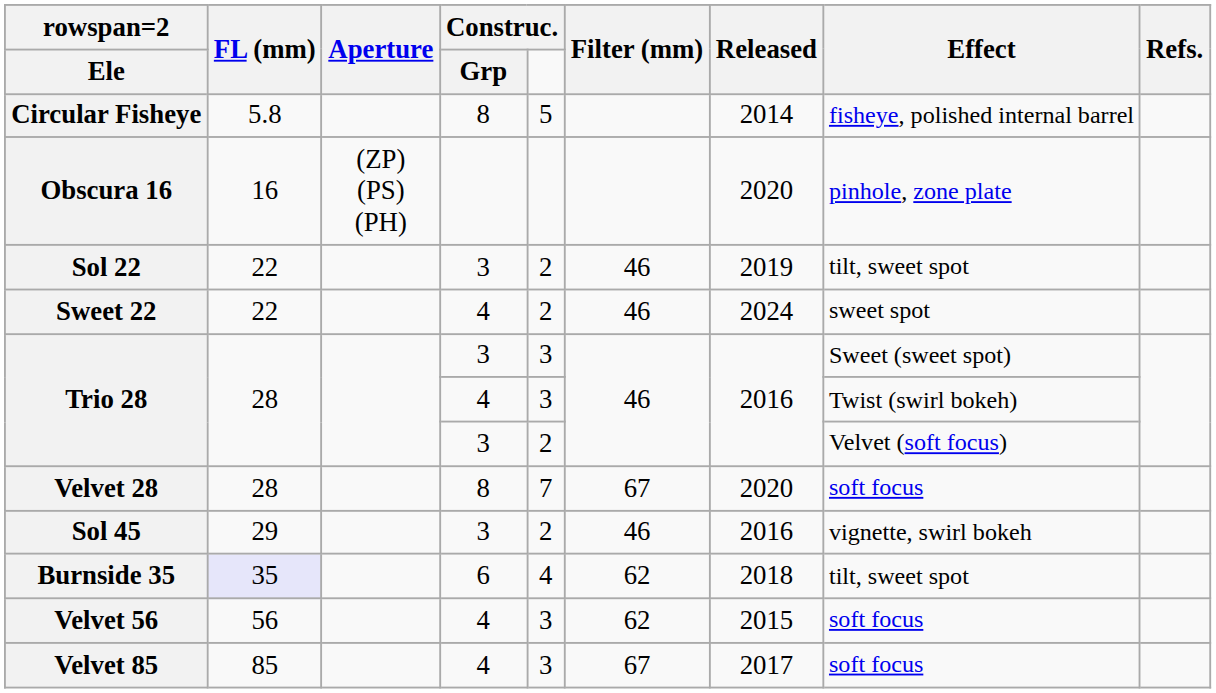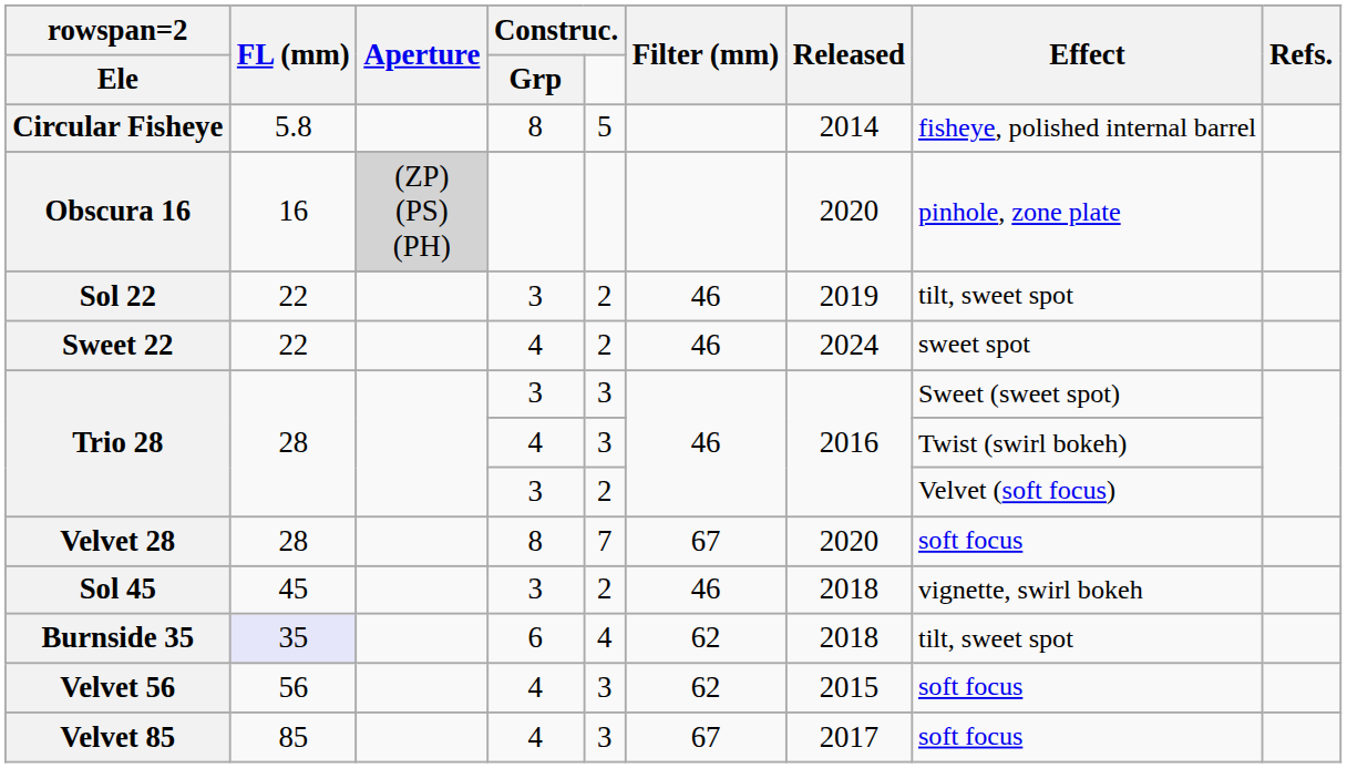 <table class="wikitable" style="font-size:90%;text-align:center;">
 <tr>
 <th>rowspan=2 </th>
 <th rowspan=2><a href='#'>FL</a> (mm)</th>
 <th rowspan=2><a href='#'>Aperture</a></th>
 <th colspan=2>Construc.</th>
 <th rowspan=2>Filter (mm)</th>
 <th rowspan=2>Released</th>
 <th rowspan=2>Effect</th>
 <th rowspan=2>Refs.</th>
 </tr>
 <tr>
 <th>Ele</th>
 <th>Grp<br></th>
 </tr>
 <tr>
 <th>Circular Fisheye</th>
 <td>5.8</td>
 <td></td>
 <td>8</td>
 <td>5</td>
 <td></td>
 <td>2014</td>
 <td style="font-size:90%;text-align:left;"><a href='#'>fisheye</a>, polished internal barrel</td>
 <td></td>
 </tr>
 <tr>
 <th>Obscura 16</th>
 <td>16</td>
-<td> (ZP)<br> (PS)<br> (PH)</td>
+<td style="background: lightgrey;"> (ZP)<br> (PS)<br> (PH)</td>
 <td></td>
 <td></td>
 <td></td>
 <td>2020</td>
 <td style="font-size:90%;text-align:left;"><a href='#'>pinhole</a>, <a href='#'>zone plate</a></td>
 <td></td>
 </tr>
 <tr>
 <th>Sol 22</th>
 <td>22</td>
 <td></td>
 <td>3</td>
 <td>2</td>
 <td>46</td>
 <td>2019</td>
 <td style="font-size:90%;text-align:left;">tilt, sweet spot</td>
 <td></td>
 </tr>
 <tr>
 <th>Sweet 22</th>
 <td>22</td>
 <td></td>
 <td>4</td>
 <td>2</td>
 <td>46</td>
 <td>2024</td>
 <td style="font-size:90%;text-align:left;">sweet spot</td>
 <td></td>
 </tr>
 <tr>
 <th rowspan=3>Trio 28</th>
 <td rowspan=3>28</td>
 <td rowspan=3></td>
 <td>3</td>
 <td>3</td>
 <td rowspan=3>46</td>
 <td rowspan=3>2016</td>
 <td style="font-size:90%;text-align:left;">Sweet (sweet spot)</td>
 <td rowspan=3></td>
 </tr>
 <tr>
 <td>4</td>
 <td>3</td>
 <td style="font-size:90%;text-align:left;">Twist (swirl bokeh)</td>
 </tr>
 <tr>
 <td>3</td>
 <td>2</td>
 <td style="font-size:90%;text-align:left;">Velvet (<a href='#'>soft focus</a>)</td>
 </tr>
 <tr>
 <th>Velvet 28</th>
 <td>28</td>
 <td></td>
 <td>8</td>
 <td>7</td>
 <td>67</td>
 <td>2020</td>
 <td style="font-size:90%;text-align:left;"><a href='#'>soft focus</a></td>
 <td></td>
 </tr>
 <tr>
 <th>Sol 45</th>
-<td>29</td>
+<td>45</td>
 <td></td>
 <td>3</td>
 <td>2</td>
 <td>46</td>
-<td>2016</td>
+<td>2018</td>
 <td style="font-size:90%;text-align:left;">vignette, swirl bokeh</td>
 <td></td>
 </tr>
 <tr>
 <th>Burnside 35</th>
 <td style="background: lavender;">35</td>
 <td></td>
 <td>6</td>
 <td>4</td>
 <td>62</td>
 <td>2018</td>
 <td style="font-size:90%;text-align:left;">tilt, sweet spot</td>
 <td></td>
 </tr>
 <tr>
 <th>Velvet 56</th>
 <td>56</td>
 <td></td>
 <td>4</td>
 <td>3</td>
 <td>62</td>
 <td>2015</td>
 <td style="font-size:90%;text-align:left;"><a href='#'>soft focus</a></td>
 <td></td>
 </tr>
 <tr>
 <th>Velvet 85</th>
 <td>85</td>
 <td></td>
 <td>4</td>
 <td>3</td>
 <td>67</td>
 <td>2017</td>
 <td style="font-size:90%;text-align:left;"><a href='#'>soft focus</a></td>
 <td></td>
 </tr>
 </table>
